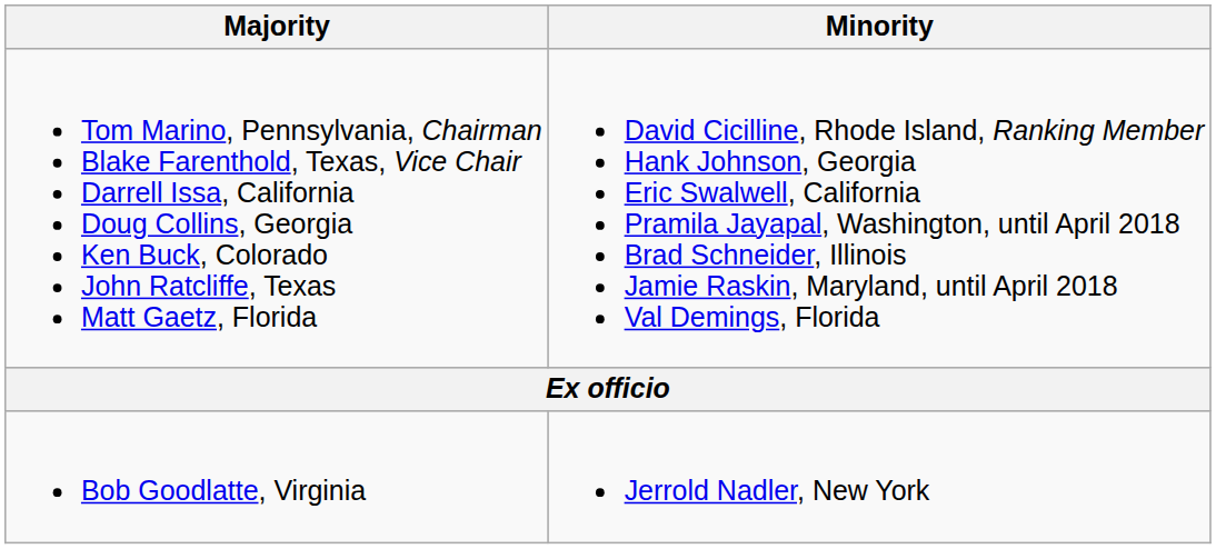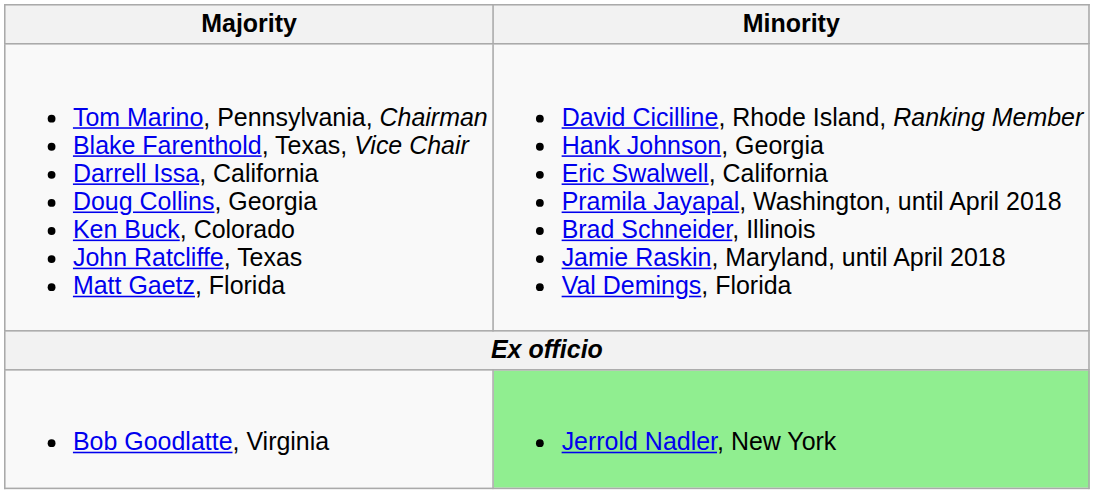 <table class=wikitable>
 <tr>
 <th>Majority</th>
 <th>Minority</th>
 </tr>
 <tr>
 <td><br><ul><li><a href='#'>Tom Marino</a>, Pennsylvania, <em>Chairman</em></li><li><a href='#'>Blake Farenthold</a>, Texas, <em>Vice Chair</em></li><li><a href='#'>Darrell Issa</a>, California</li><li><a href='#'>Doug Collins</a>, Georgia</li><li><a href='#'>Ken Buck</a>, Colorado</li><li><a href='#'>John Ratcliffe</a>, Texas</li><li><a href='#'>Matt Gaetz</a>, Florida</li></ul></td>
 <td><br><ul><li><a href='#'>David Cicilline</a>, Rhode Island, <em>Ranking Member</em></li><li><a href='#'>Hank Johnson</a>, Georgia</li><li><a href='#'>Eric Swalwell</a>, California</li><li><a href='#'>Pramila Jayapal</a>, Washington, until April 2018</li><li><a href='#'>Brad Schneider</a>, Illinois</li><li><a href='#'>Jamie Raskin</a>, Maryland, until April 2018</li><li><a href='#'>Val Demings</a>, Florida</li></ul></td>
 </tr>
 <tr>
 <th colspan=2><em>Ex officio</em></th>
 </tr>
 <tr>
 <td><br><ul><li><a href='#'>Bob Goodlatte</a>, Virginia</li></ul></td>
-<td><br><ul><li><a href='#'>Jerrold Nadler</a>, New York</li></ul></td>
+<td style="background: lightgreen;"><br><ul><li><a href='#'>Jerrold Nadler</a>, New York</li></ul></td>
 </tr>
 </table>
